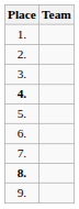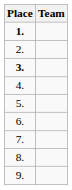 <table class="wikitable" style="text-align: center;">
 <tr>
 <th>Place</th>
 <th>Team</th>
 </tr>
 <tr>
-<td>1.</td>
+<td><strong>1.</strong></td>
 <td style="text-align:left;"><strong></strong></td>
 </tr>
 <tr>
 <td>2.</td>
 <td style="text-align:left;"><strong></strong> </td>
 </tr>
 <tr>
-<td>3.</td>
+<td><strong>3.</strong></td>
 <td style="text-align:left;"><strong></strong></td>
 </tr>
 <tr>
-<td><strong>4.</strong></td>
+<td>4.</td>
 <td style="text-align:left;"><strong></strong></td>
 </tr>
 <tr>
 <td>5.</td>
 <td style="text-align:left;"><strong></strong></td>
 </tr>
 <tr>
 <td>6.</td>
 <td style="text-align:left;"><strong></strong></td>
 </tr>
 <tr>
 <td>7.</td>
 <td style="text-align:left;"><strong></strong></td>
 </tr>
 <tr>
-<td><strong>8.</strong></td>
+<td>8.</td>
 <td style="text-align:left;"><strong></strong></td>
 </tr>
 <tr>
 <td>9.</td>
 <td style="text-align:left;"><strong></strong></td>
 </tr>
 </table>
